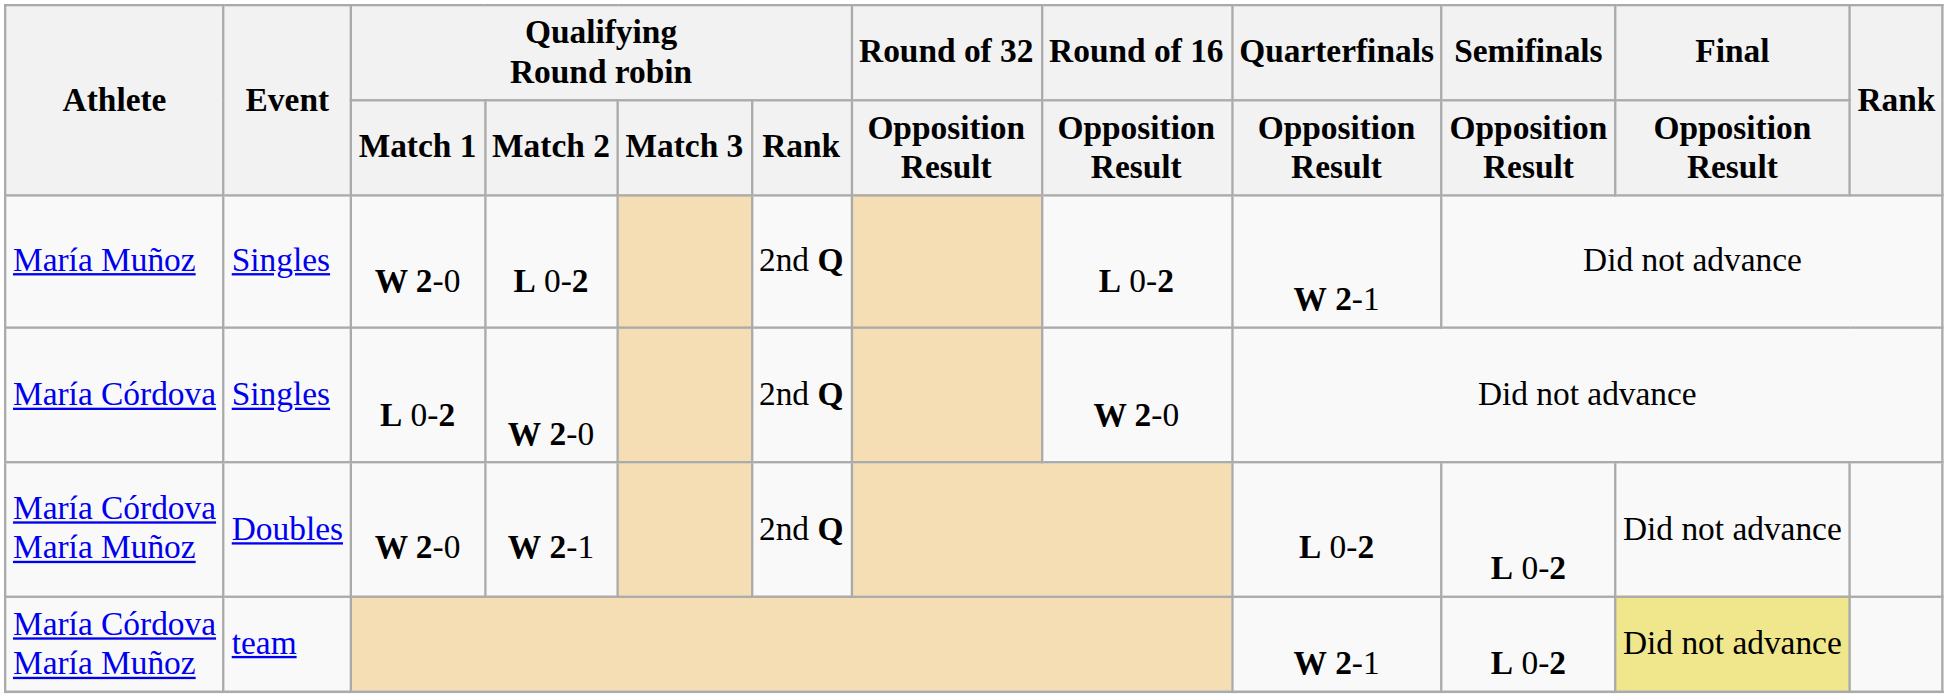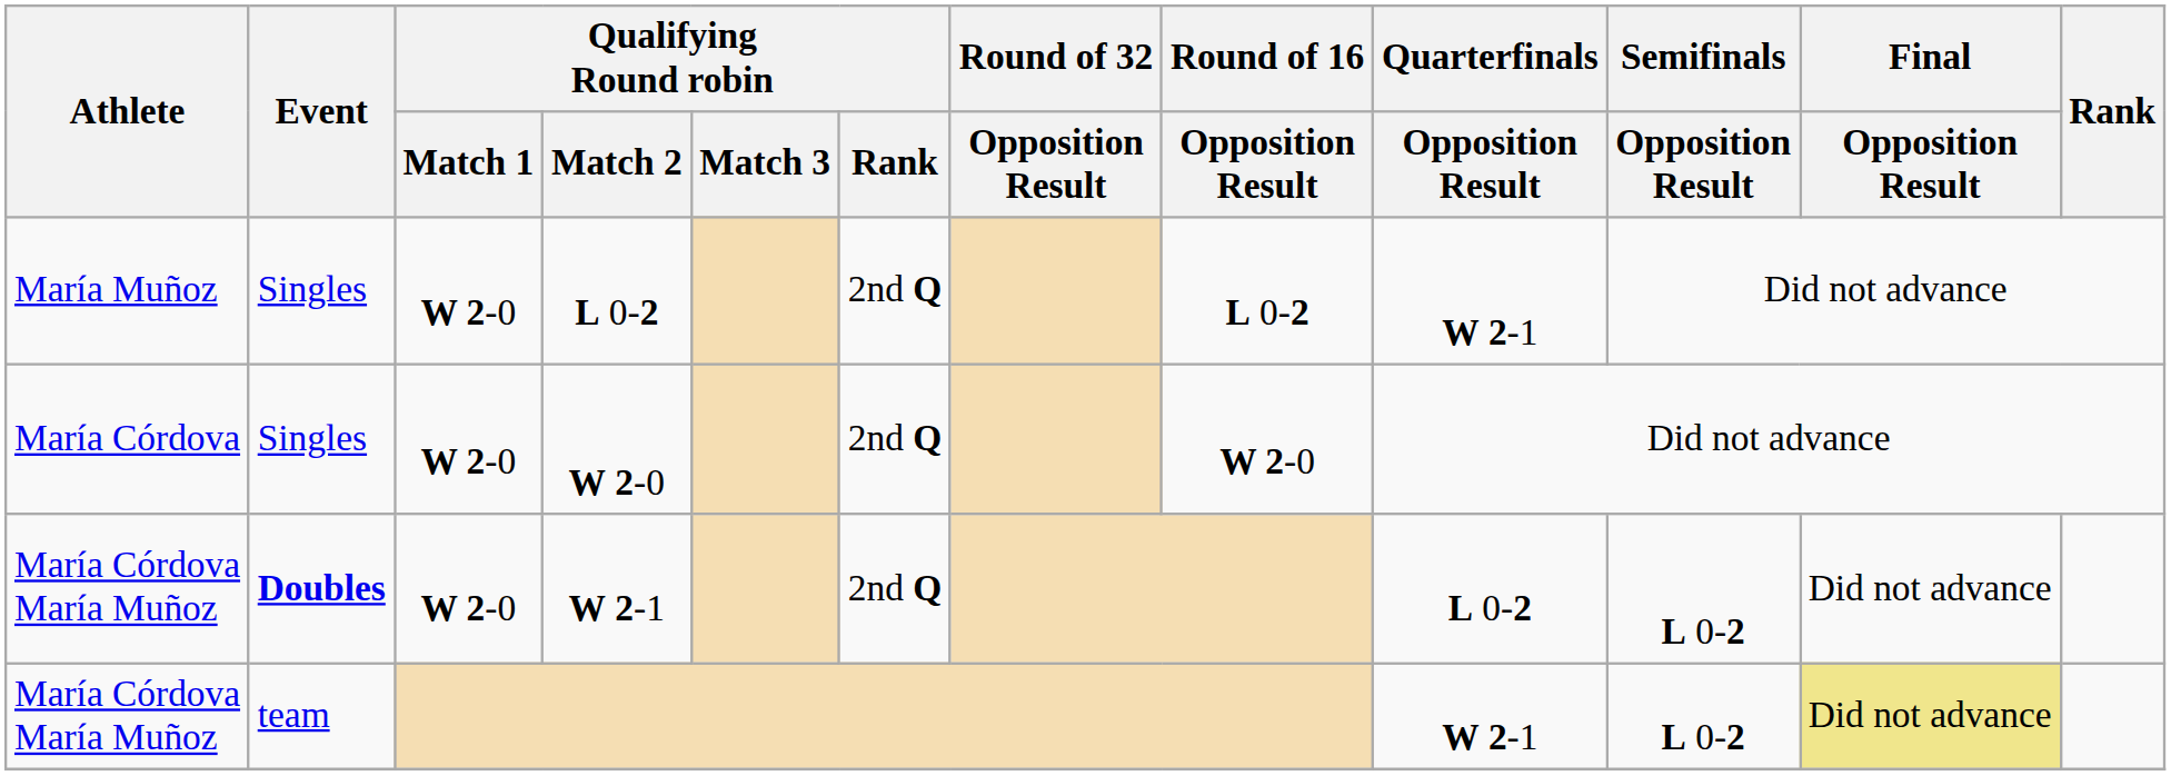 <table class="wikitable" style="font-size:90%">
 <tr>
 <th rowspan="2">Athlete</th>
 <th rowspan="2">Event</th>
 <th colspan="4">Qualifying<br>Round robin</th>
 <th>Round of 32</th>
 <th>Round of 16</th>
 <th>Quarterfinals</th>
 <th>Semifinals</th>
 <th>Final</th>
 <th rowspan="2">Rank</th>
 </tr>
 <tr>
 <th>Match 1</th>
 <th>Match 2</th>
 <th>Match 3</th>
 <th>Rank</th>
 <th>Opposition<br>Result</th>
 <th>Opposition<br>Result</th>
 <th>Opposition<br>Result</th>
 <th>Opposition<br>Result</th>
 <th>Opposition<br>Result</th>
 </tr>
 <tr>
 <td><a href='#'>María Muñoz</a></td>
 <td><a href='#'>Singles</a></td>
 <td align=center><br> <strong>W 2</strong>-0</td>
 <td align=center><br> <strong>L</strong> 0-<strong>2</strong></td>
 <td align="center" bgcolor=wheat></td>
 <td align=center>2nd <strong>Q</strong></td>
 <td align="center" bgcolor=wheat></td>
 <td align=center><br> <strong>L</strong> 0-<strong>2</strong></td>
 <td align=center><br> <br><strong>W</strong> <strong>2</strong>-1</td>
 <td align=center colspan="7">Did not advance</td>
 </tr>
 <tr>
 <td><a href='#'>María Córdova</a></td>
 <td><a href='#'>Singles</a></td>
-<td align=center><br> <strong>L</strong> 0-<strong>2</strong></td>
+<td align=center><br> <strong>W 2</strong>-0</td>
 <td align=center><br> <br> <strong>W</strong> <strong>2</strong>-0</td>
 <td align="center" bgcolor=wheat></td>
 <td align=center>2nd <strong>Q</strong></td>
 <td align="center" bgcolor=wheat></td>
 <td align=center><br> <strong>W 2</strong>-0</td>
 <td align=center colspan="7">Did not advance</td>
 </tr>
 <tr>
 <td><a href='#'>María Córdova</a><br><a href='#'>María Muñoz</a></td>
-<td><a href='#'>Doubles</a></td>
+<td><strong><a href='#'>Doubles</a></strong></td>
 <td align=center><br> <strong>W 2</strong>-0</td>
 <td align=center><br> <strong>W</strong> <strong>2</strong>-1</td>
 <td align="center" bgcolor=wheat></td>
 <td align=center>2nd <strong>Q</strong></td>
 <td align="center" colspan= "2" bgcolor=wheat></td>
 <td align=center><br> <strong>L</strong> 0-<strong>2</strong></td>
 <td align=center><br> <br> <strong>L</strong> 0-<strong>2</strong></td>
 <td align=center>Did not advance</td>
 <td></td>
 </tr>
 <tr>
 <td><a href='#'>María Córdova</a><br><a href='#'>María Muñoz</a></td>
 <td><a href='#'>team</a></td>
 <td align="center" colspan= "6" bgcolor=wheat></td>
 <td align=center><br> <strong>W</strong> <strong>2</strong>-1</td>
 <td align=center><br> <strong>L</strong> 0-<strong>2</strong></td>
 <td align=center style="background: khaki;">Did not advance</td>
 <td></td>
 </tr>
 <tr>
 </tr>
 </table>
